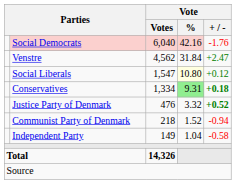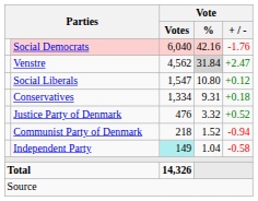 <table class="wikitable" style="text-align:right;">
 <tr>
 <th style="text-align:centre;" rowspan="2" colspan="2" width="225">Parties</th>
 <th colspan="3">Vote</th>
 </tr>
 <tr>
 <th width="15">Votes</th>
 <th width="15">%</th>
 <th width="15">+ / -</th>
 </tr>
 <tr>
 <td width="2" style="color:inherit;background:"></td>
 <td bgcolor=#fbd0ce  align="left"><a href='#'>Social Democrats</a></td>
 <td bgcolor=#fbd0ce>6,040</td>
 <td bgcolor=#fbd0ce>42.16</td>
 <td style=color:red;>-1.76</td>
 </tr>
 <tr>
 <td width="2" style="color:inherit;background:"></td>
 <td align="left"><a href='#'>Venstre</a></td>
 <td>4,562</td>
-<td>31.84</td>
+<td style="background: lightgrey;">31.84</td>
 <td style=color:green;>+2.47</td>
 </tr>
 <tr>
 <td width="2" style="color:inherit;background:"></td>
 <td align="left"><a href='#'>Social Liberals</a></td>
 <td>1,547</td>
-<td style="background: lightyellow;">10.80</td>
+<td>10.80</td>
 <td style=color:green;>+0.12</td>
 </tr>
 <tr>
 <td width="2" style="color:inherit;background:"></td>
 <td align="left"><a href='#'>Conservatives</a></td>
 <td>1,334</td>
-<td style="background: lightgreen;">9.31</td>
-<td style=color:green;><strong>+0.18</strong></td>
+<td>9.31</td>
+<td style=color:green;>+0.18</td>
 </tr>
 <tr>
 <td width="2" style="color:inherit;background:"></td>
 <td align="left"><a href='#'>Justice Party of Denmark</a></td>
 <td>476</td>
 <td>3.32</td>
-<td style=color:green;><strong>+0.52</strong></td>
+<td style=color:green;>+0.52</td>
 </tr>
 <tr>
 <td width="2" style="color:inherit;background:"></td>
 <td align="left"><a href='#'>Communist Party of Denmark</a></td>
 <td>218</td>
 <td>1.52</td>
 <td style=color:red;>-0.94</td>
 </tr>
 <tr>
 <td width="2" style="color:inherit;background:"></td>
 <td align="left"><a href='#'>Independent Party</a></td>
-<td>149</td>
+<td style="background: paleturquoise;">149</td>
 <td>1.04</td>
 <td style=color:red;>-0.58</td>
 </tr>
 <tr>
 <td colspan="7" bgcolor="#E9E9E9"></td>
 </tr>
 <tr>
 <td align="left" colspan="2"><strong>Total</strong></td>
 <td><strong>14,326</strong></td>
 <td bgcolor="#E9E9E9" colspan="2"></td>
 </tr>
 <tr>
 <td align="left" colspan="6">Source</td>
 </tr>
 </table>
